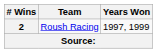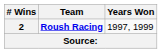 <table class="wikitable" style="font-size: 95%;">
 <tr>
 <th># Wins</th>
 <th>Team</th>
 <th>Years Won</th>
 </tr>
 <tr>
 <th>2</th>
-<td><a href='#'>Roush Racing</a></td>
+<td><strong><a href='#'>Roush Racing</a></strong></td>
 <td>1997, 1999</td>
 </tr>
 <tr>
 <th colspan=3>Source:</th>
 </tr>
 </table>
